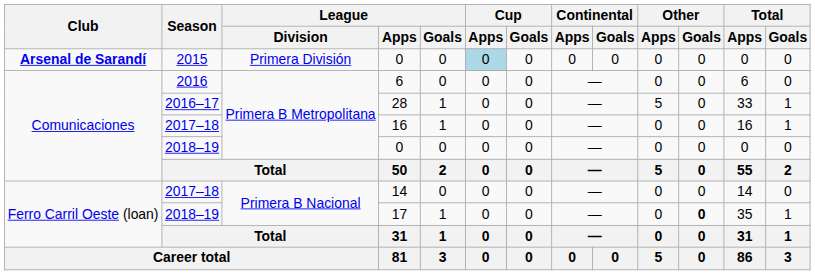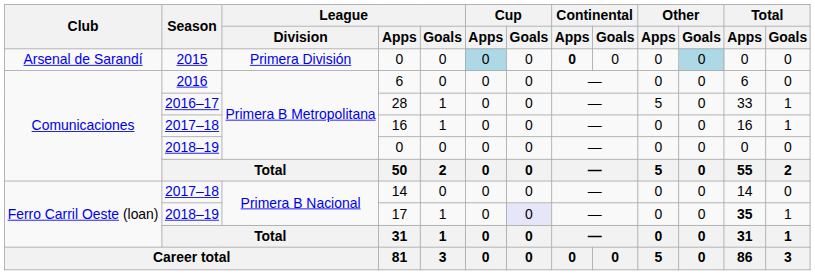 <table class="wikitable" style="text-align:center">
 <tr>
 <th rowspan="2">Club</th>
 <th rowspan="2">Season</th>
 <th colspan="3">League</th>
 <th colspan="2">Cup</th>
 <th colspan="2">Continental</th>
 <th colspan="2">Other</th>
 <th colspan="2">Total</th>
 </tr>
 <tr>
 <th>Division</th>
 <th>Apps</th>
 <th>Goals</th>
 <th>Apps</th>
 <th>Goals</th>
 <th>Apps</th>
 <th>Goals</th>
 <th>Apps</th>
 <th>Goals</th>
 <th>Apps</th>
 <th>Goals</th>
 </tr>
 <tr>
-<td rowspan="1"><strong><a href='#'>Arsenal de Sarandí</a></strong></td>
+<td rowspan="1"><a href='#'>Arsenal de Sarandí</a></td>
 <td><a href='#'>2015</a></td>
 <td rowspan="1"><a href='#'>Primera División</a></td>
 <td>0</td>
 <td>0</td>
 <td style="background: lightblue;">0</td>
 <td>0</td>
+<td><strong>0</strong></td>
 <td>0</td>
 <td>0</td>
-<td>0</td>
-<td>0</td>
+<td style="background: lightblue;">0</td>
 <td>0</td>
 <td>0</td>
 </tr>
 <tr>
 <td rowspan="5"><a href='#'>Comunicaciones</a></td>
 <td><a href='#'>2016</a></td>
 <td rowspan="4"><a href='#'>Primera B Metropolitana</a></td>
 <td>6</td>
 <td>0</td>
 <td>0</td>
 <td>0</td>
 <td colspan="2">—</td>
 <td>0</td>
 <td>0</td>
 <td>6</td>
 <td>0</td>
 </tr>
 <tr>
 <td><a href='#'>2016–17</a></td>
 <td>28</td>
 <td>1</td>
 <td>0</td>
 <td>0</td>
 <td colspan="2">—</td>
 <td>5</td>
 <td>0</td>
 <td>33</td>
 <td>1</td>
 </tr>
 <tr>
 <td><a href='#'>2017–18</a></td>
 <td>16</td>
 <td>1</td>
 <td>0</td>
 <td>0</td>
 <td colspan="2">—</td>
 <td>0</td>
 <td>0</td>
 <td>16</td>
 <td>1</td>
 </tr>
 <tr>
 <td><a href='#'>2018–19</a></td>
 <td>0</td>
 <td>0</td>
 <td>0</td>
 <td>0</td>
 <td colspan="2">—</td>
 <td>0</td>
 <td>0</td>
 <td>0</td>
 <td>0</td>
 </tr>
 <tr>
 <th colspan="2">Total</th>
 <th>50</th>
 <th>2</th>
 <th>0</th>
 <th>0</th>
 <th colspan="2">—</th>
 <th>5</th>
 <th>0</th>
 <th>55</th>
 <th>2</th>
 </tr>
 <tr>
 <td rowspan="3"><a href='#'>Ferro Carril Oeste</a> (loan)</td>
 <td><a href='#'>2017–18</a></td>
 <td rowspan="2"><a href='#'>Primera B Nacional</a></td>
 <td>14</td>
 <td>0</td>
 <td>0</td>
 <td>0</td>
 <td colspan="2">—</td>
 <td>0</td>
 <td>0</td>
 <td>14</td>
 <td>0</td>
 </tr>
 <tr>
 <td><a href='#'>2018–19</a></td>
 <td>17</td>
 <td>1</td>
 <td>0</td>
-<td>0</td>
+<td style="background: lavender;">0</td>
 <td colspan="2">—</td>
 <td>0</td>
-<td><strong>0</strong></td>
-<td>35</td>
+<td>0</td>
+<td><strong>35</strong></td>
 <td>1</td>
 </tr>
 <tr>
 <th colspan="2">Total</th>
 <th>31</th>
 <th>1</th>
 <th>0</th>
 <th>0</th>
 <th colspan="2">—</th>
 <th>0</th>
 <th>0</th>
 <th>31</th>
 <th>1</th>
 </tr>
 <tr>
 <th colspan="3">Career total</th>
 <th>81</th>
 <th>3</th>
 <th>0</th>
 <th>0</th>
 <th>0</th>
 <th>0</th>
 <th>5</th>
 <th>0</th>
 <th>86</th>
 <th>3</th>
 </tr>
 </table>
